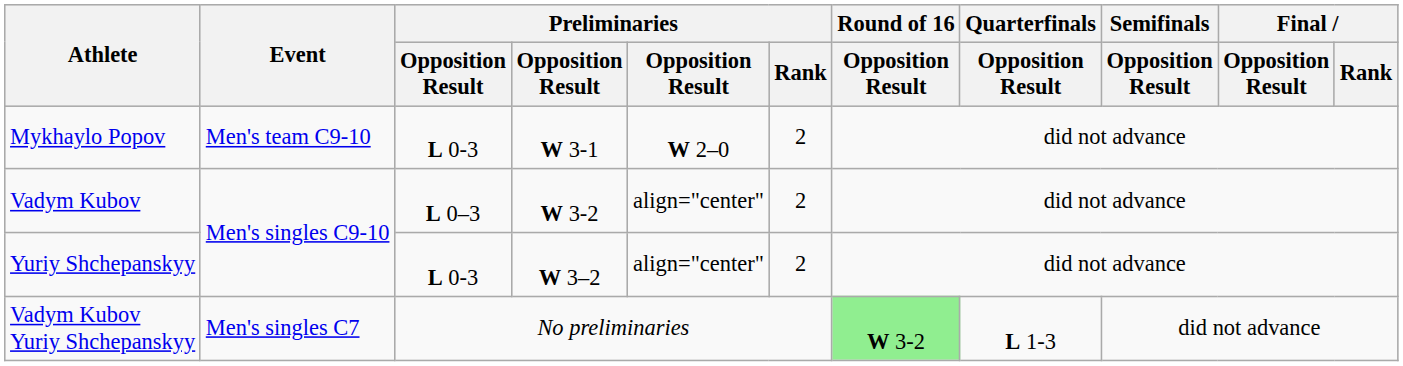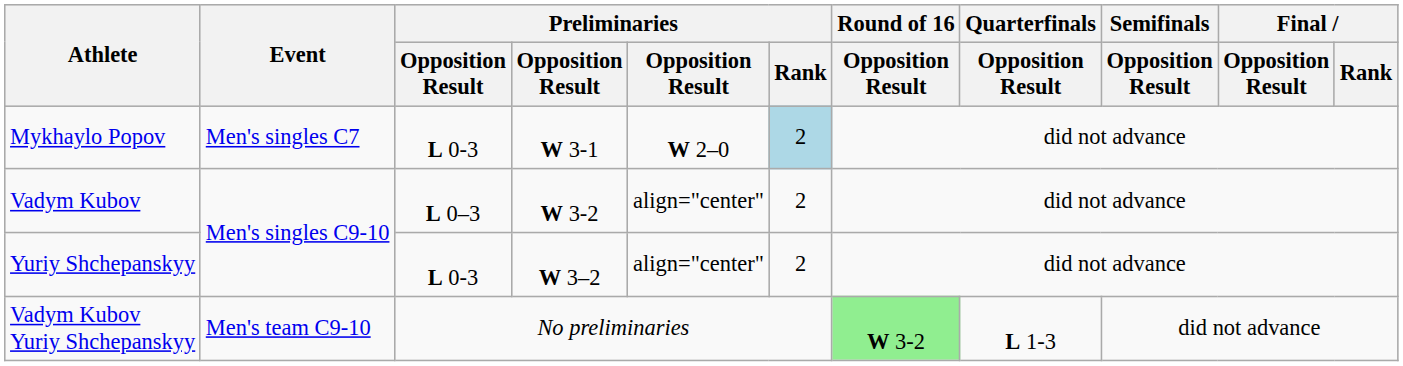 <table class=wikitable style="font-size:90%">
 <tr>
 <th rowspan="2">Athlete</th>
 <th rowspan="2">Event</th>
 <th colspan="4">Preliminaries</th>
 <th>Round of 16</th>
 <th>Quarterfinals</th>
 <th>Semifinals</th>
 <th colspan="2">Final / </th>
 </tr>
 <tr>
 <th>Opposition<br>Result</th>
 <th>Opposition<br>Result</th>
 <th>Opposition<br>Result</th>
 <th>Rank</th>
 <th>Opposition<br>Result</th>
 <th>Opposition<br>Result</th>
 <th>Opposition<br>Result</th>
 <th>Opposition<br>Result</th>
 <th>Rank</th>
 </tr>
 <tr>
 <td><a href='#'>Mykhaylo Popov</a></td>
-<td><a href='#'>Men's team C9-10</a></td>
+<td><a href='#'>Men's singles C7</a></td>
 <td align="center"><br><strong>L</strong> 0-3</td>
 <td align="center"><br><strong>W</strong> 3-1</td>
 <td align="center"><br><strong>W</strong> 2–0</td>
-<td align="center">2</td>
+<td align="center" style="background: lightblue;">2</td>
 <td align="center" colspan="5">did not advance</td>
 </tr>
 <tr>
 <td><a href='#'>Vadym Kubov</a></td>
 <td rowspan="2"><a href='#'>Men's singles C9-10</a></td>
 <td align="center"><br><strong>L</strong> 0–3</td>
 <td align="center"><br><strong>W</strong> 3-2</td>
 <td>align="center" </td>
 <td align="center">2</td>
 <td align="center" colspan="5">did not advance</td>
 </tr>
 <tr>
 <td><a href='#'>Yuriy Shchepanskyy</a></td>
 <td align="center"><br><strong>L</strong> 0-3</td>
 <td align="center"><br><strong>W</strong> 3–2</td>
 <td>align="center" </td>
 <td align="center">2</td>
 <td align="center" colspan="5">did not advance</td>
 </tr>
 <tr>
 <td><a href='#'>Vadym Kubov</a><br> <a href='#'>Yuriy Shchepanskyy</a></td>
-<td><a href='#'>Men's singles C7</a></td>
+<td><a href='#'>Men's team C9-10</a></td>
 <td align="center" colspan="4"><em>No preliminaries</em></td>
 <td align="center" style="background: lightgreen;"><br><strong>W</strong> 3-2</td>
 <td align="center"><br><strong>L</strong> 1-3</td>
 <td align="center" colspan="3">did not advance</td>
 </tr>
 </table>
